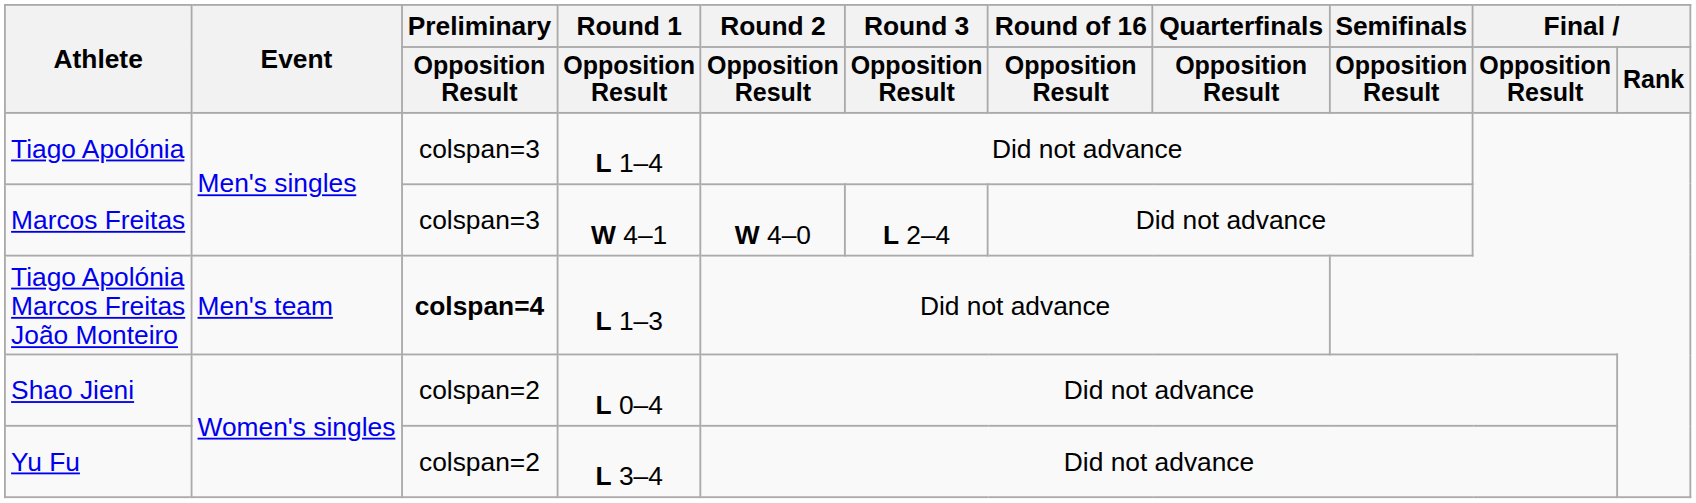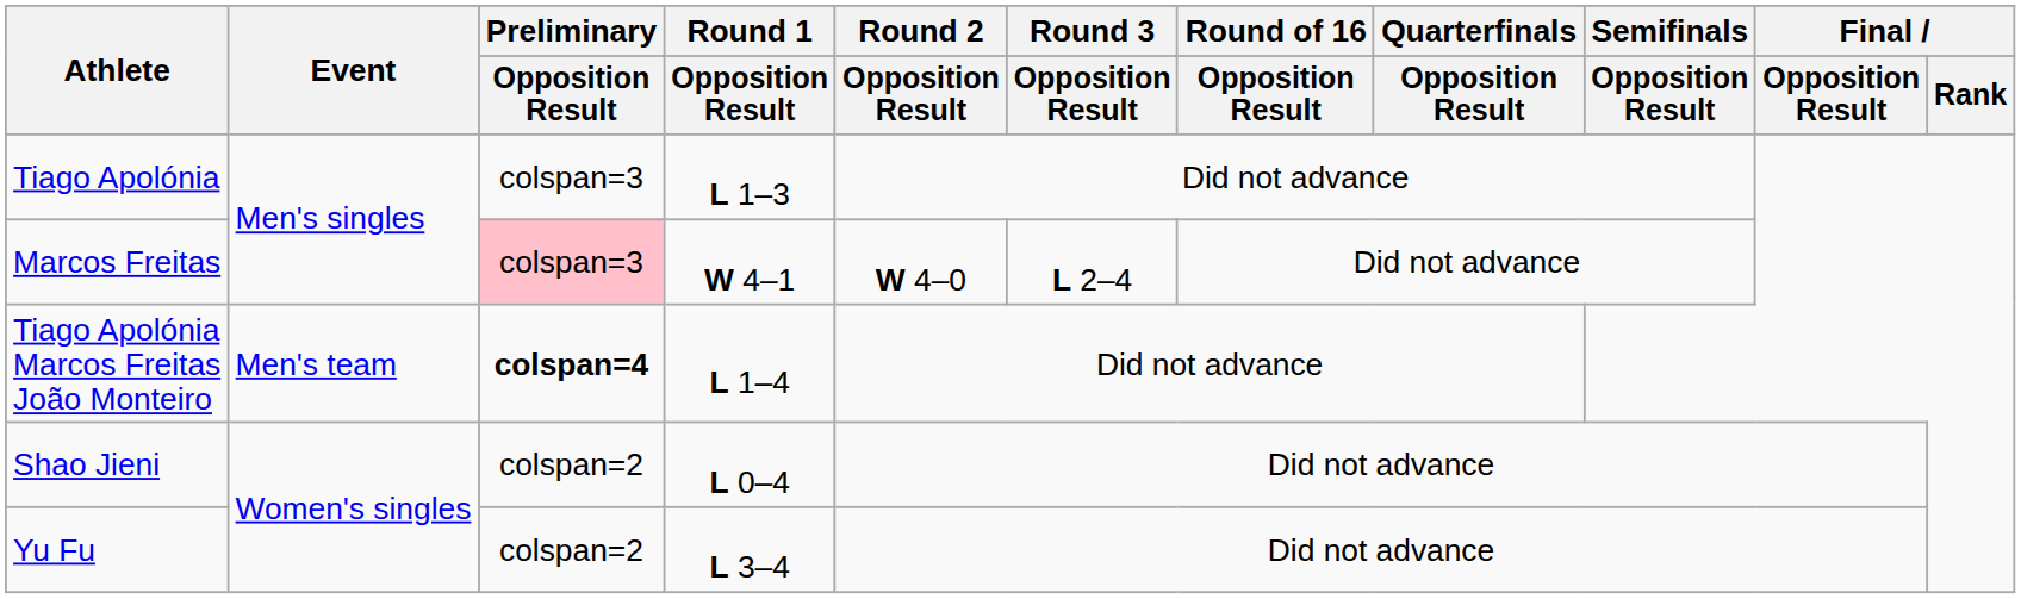 <table class="wikitable" style="font-size:90%">
 <tr>
 <th rowspan="2">Athlete</th>
 <th rowspan="2">Event</th>
 <th>Preliminary</th>
 <th>Round 1</th>
 <th>Round 2</th>
 <th>Round 3</th>
 <th>Round of 16</th>
 <th>Quarterfinals</th>
 <th>Semifinals</th>
 <th colspan=2>Final / </th>
 </tr>
 <tr style="font-size:95%">
 <th>Opposition<br>Result</th>
 <th>Opposition<br>Result</th>
 <th>Opposition<br>Result</th>
 <th>Opposition<br>Result</th>
 <th>Opposition<br>Result</th>
 <th>Opposition<br>Result</th>
 <th>Opposition<br>Result</th>
 <th>Opposition<br>Result</th>
 <th>Rank</th>
 </tr>
 <tr align=center>
 <td align=left><a href='#'>Tiago Apolónia</a></td>
 <td align=left rowspan=2><a href='#'>Men's singles</a></td>
 <td>colspan=3 </td>
-<td><br><strong>L</strong> 1–4</td>
+<td><br><strong>L</strong> 1–3</td>
 <td colspan=5>Did not advance</td>
 </tr>
 <tr align=center>
 <td align=left><a href='#'>Marcos Freitas</a></td>
-<td>colspan=3 </td>
+<td style="background: pink;">colspan=3 </td>
 <td><br><strong>W</strong> 4–1</td>
 <td><br><strong>W</strong> 4–0</td>
 <td><br><strong>L</strong> 2–4</td>
 <td colspan=3>Did not advance</td>
 </tr>
 <tr align=center>
 <td align=left><a href='#'>Tiago Apolónia</a><br><a href='#'>Marcos Freitas</a><br><a href='#'>João Monteiro</a></td>
 <td align=left><a href='#'>Men's team</a></td>
 <td><strong>colspan=4 </strong></td>
-<td><br><strong>L</strong> 1–3</td>
+<td><br><strong>L</strong> 1–4</td>
 <td colspan=4>Did not advance</td>
 </tr>
 <tr align=center>
 <td align=left><a href='#'>Shao Jieni</a></td>
 <td align=left rowspan=2><a href='#'>Women's singles</a></td>
 <td>colspan=2 </td>
 <td><br><strong>L</strong> 0–4</td>
 <td colspan=6>Did not advance</td>
 </tr>
 <tr align=center>
 <td align=left><a href='#'>Yu Fu</a></td>
 <td>colspan=2 </td>
 <td><br><strong>L</strong> 3–4</td>
 <td colspan=6>Did not advance</td>
 </tr>
 </table>
